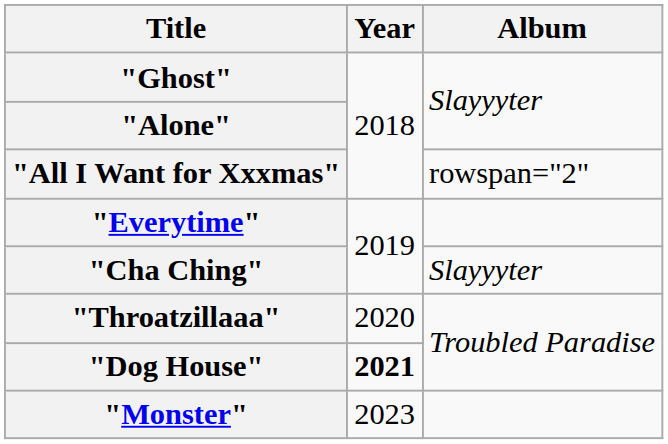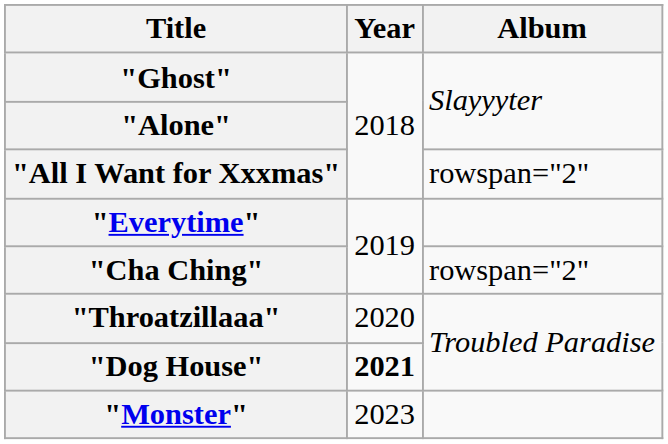 <table class="wikitable plainrowheaders" align="center">
 <tr>
 <th scope="col">Title</th>
 <th scope="col">Year</th>
 <th scope="col">Album</th>
 </tr>
 <tr>
 <th scope="row">"Ghost"</th>
 <td rowspan="3">2018</td>
 <td rowspan="2"><em>Slayyyter</em></td>
 </tr>
 <tr>
 <th scope="row">"Alone"</th>
 </tr>
 <tr>
 <th scope="row">"All I Want for Xxxmas"<br></th>
 <td>rowspan="2"</td>
 </tr>
 <tr>
 <th scope="row">"<a href='#'>Everytime</a>"</th>
 <td rowspan="2">2019</td>
 </tr>
 <tr>
 <th scope="row">"Cha Ching"</th>
-<td><em>Slayyyter</em></td>
+<td>rowspan="2"</td>
 </tr>
 <tr>
 <th scope="row">"Throatzillaaa"</th>
 <td>2020</td>
 <td rowspan="2"><em>Troubled Paradise</em></td>
 </tr>
 <tr>
 <th scope="row">"Dog House"</th>
 <td><strong>2021</strong></td>
 </tr>
 <tr>
 <th scope="row">"<a href='#'>Monster</a>"<br></th>
 <td rowspan="2">2023</td>
 <td></td>
 </tr>
 </table>
